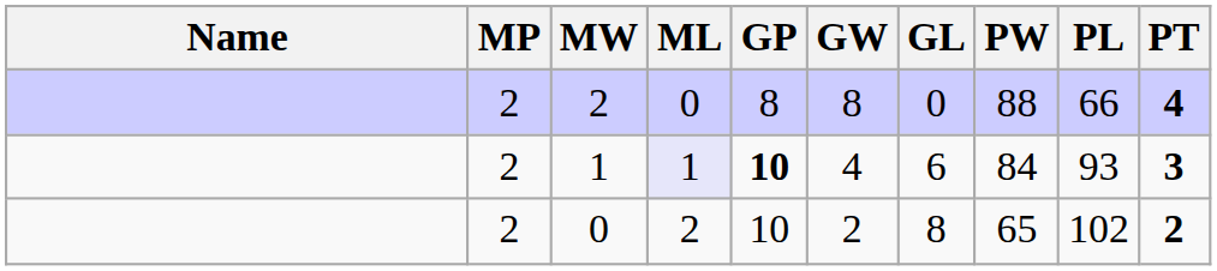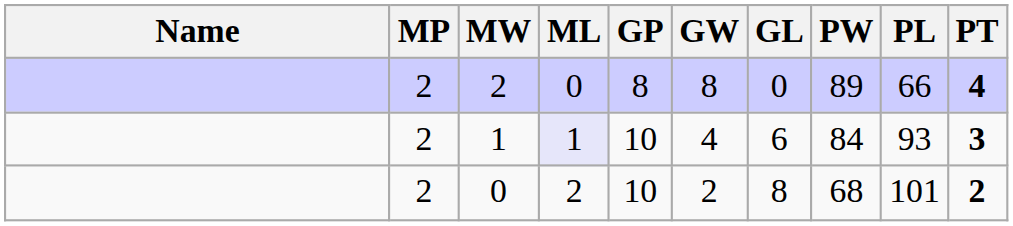 <table class=wikitable style="text-align:center">
 <tr>
 <th width=175>Name</th>
 <th width=20>MP</th>
 <th width=20>MW</th>
 <th width=20>ML</th>
 <th width=20>GP</th>
 <th width=20>GW</th>
 <th width=20>GL</th>
 <th width=20>PW</th>
 <th width=20>PL</th>
 <th width=20>PT</th>
 </tr>
 <tr style="background-color:#ccccff;">
 <td style="text-align:left;"><strong></strong></td>
 <td>2</td>
 <td>2</td>
 <td>0</td>
 <td>8</td>
 <td>8</td>
 <td>0</td>
-<td>88</td>
+<td>89</td>
 <td>66</td>
 <td><strong>4</strong></td>
 </tr>
 <tr>
 <td style="text-align:left;"></td>
 <td>2</td>
 <td>1</td>
 <td style="background: lavender;">1</td>
-<td><strong>10</strong></td>
+<td>10</td>
 <td>4</td>
 <td>6</td>
 <td>84</td>
 <td>93</td>
 <td><strong>3</strong></td>
 </tr>
 <tr>
 <td style="text-align:left;"></td>
 <td>2</td>
 <td>0</td>
 <td>2</td>
 <td>10</td>
 <td>2</td>
 <td>8</td>
-<td>65</td>
-<td>102</td>
+<td>68</td>
+<td>101</td>
 <td><strong>2</strong></td>
 </tr>
 </table>
